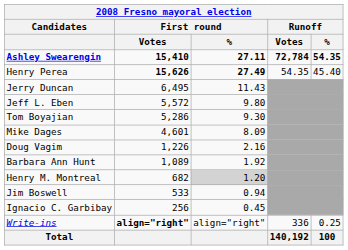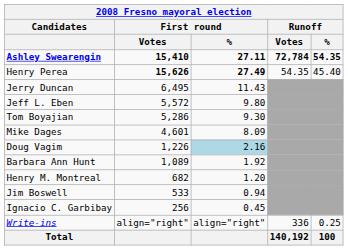 <table class=wikitable>
 <tr>
 <th colspan=5><a href='#'>2008 Fresno mayoral election</a></th>
 </tr>
 <tr>
 <th colspan=1>Candidates</th>
 <th colspan=2>First round</th>
 <th colspan=2>Runoff</th>
 </tr>
 <tr>
 <th></th>
 <th>Votes</th>
 <th>%</th>
 <th>Votes</th>
 <th>%</th>
 </tr>
 <tr>
 <td><strong><a href='#'>Ashley Swearengin</a></strong></td>
 <td align="right"><strong>15,410</strong></td>
 <td align="right"><strong>27.11</strong></td>
 <td align="right"><strong>72,784</strong></td>
 <td align="right"><strong>54.35</strong></td>
 </tr>
 <tr>
 <td>Henry Perea</td>
 <td align="right"><strong>15,626</strong></td>
 <td align="right"><strong>27.49</strong></td>
 <td align="right">54.35</td>
 <td align="right">45.40</td>
 </tr>
 <tr>
 <td>Jerry Duncan</td>
 <td align="right">6,495</td>
 <td align="right">11.43</td>
 <td colspan=2 bgcolor=darkgray></td>
 </tr>
 <tr>
 <td>Jeff L. Eben</td>
 <td align="right">5,572</td>
 <td align="right">9.80</td>
 <td colspan=2 bgcolor=darkgray></td>
 </tr>
 <tr>
 <td>Tom Boyajian</td>
 <td align="right">5,286</td>
 <td align="right">9.30</td>
 <td colspan=2 bgcolor=darkgray></td>
 </tr>
 <tr>
 <td>Mike Dages</td>
 <td align="right">4,601</td>
 <td align="right">8.09</td>
 <td colspan=2 bgcolor=darkgray></td>
 </tr>
 <tr>
 <td>Doug Vagim</td>
 <td align="right">1,226</td>
-<td align="right">2.16</td>
+<td align="right" style="background: lightblue;">2.16</td>
 <td colspan=2 bgcolor=darkgray></td>
 </tr>
 <tr>
 <td>Barbara Ann Hunt</td>
 <td align="right">1,089</td>
 <td align="right">1.92</td>
 <td colspan=2 bgcolor=darkgray></td>
 </tr>
 <tr>
 <td>Henry M. Montreal</td>
 <td align="right">682</td>
-<td align="right" style="background: lightgrey;">1.20</td>
+<td align="right">1.20</td>
 <td colspan=2 bgcolor=darkgray></td>
 </tr>
 <tr>
 <td>Jim Boswell</td>
 <td align="right">533</td>
 <td align="right">0.94</td>
 <td colspan=2 bgcolor=darkgray></td>
 </tr>
 <tr>
 <td>Ignacio C. Garbibay</td>
 <td align="right">256</td>
 <td align="right">0.45</td>
 <td colspan=2 bgcolor=darkgray></td>
 </tr>
 <tr>
 <td><em><a href='#'>Write-ins</a></em></td>
-<td><strong>align="right" </strong></td>
+<td>align="right" </td>
 <td>align="right" </td>
 <td align="right">336</td>
 <td align="right">0.25</td>
 </tr>
 <tr>
 <th>Total</th>
 <th></th>
 <th></th>
 <th>140,192</th>
 <th>100</th>
 </tr>
 </table>
